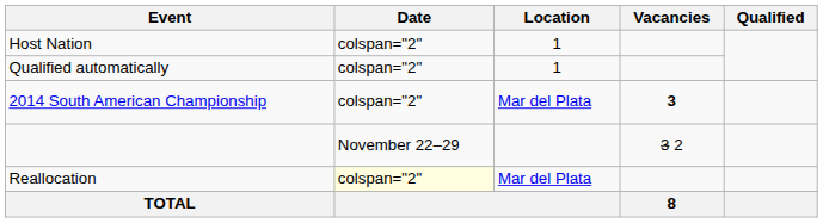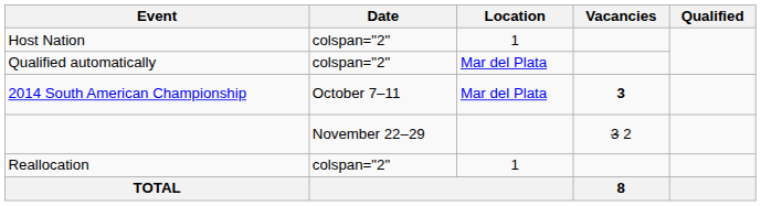 <table class="wikitable" width=820>
 <tr>
 <th>Event</th>
 <th>Date</th>
 <th>Location</th>
 <th>Vacancies</th>
 <th>Qualified</th>
 </tr>
 <tr>
 <td>Host Nation</td>
 <td>colspan="2" </td>
 <td align=center>1</td>
 <td></td>
 </tr>
 <tr>
 <td>Qualified automatically</td>
 <td>colspan="2" </td>
-<td align=center>1</td>
+<td> <a href='#'>Mar del Plata</a></td>
 <td></td>
 </tr>
 <tr>
 <td><a href='#'>2014 South American Championship</a></td>
-<td>colspan="2" </td>
+<td>October 7–11</td>
 <td> <a href='#'>Mar del Plata</a></td>
 <td align=center><strong>3</strong></td>
 <td><br><br></td>
 </tr>
 <tr>
 <td></td>
 <td>November 22–29</td>
 <td></td>
 <td align=center><s>3</s> 2</td>
 <td><br><br><s></s></td>
 </tr>
 <tr>
 <td>Reallocation</td>
-<td style="background: lightyellow;">colspan="2" </td>
-<td> <a href='#'>Mar del Plata</a></td>
+<td>colspan="2" </td>
+<td align=center>1</td>
 <td></td>
 </tr>
 <tr>
 <th>TOTAL</th>
 <th colspan="2"></th>
 <th>8</th>
 <th></th>
 </tr>
 </table>
